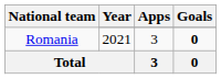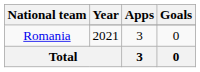 <table class="wikitable" style="text-align: center;">
 <tr>
 <th>National team</th>
 <th>Year</th>
 <th>Apps</th>
 <th>Goals</th>
 </tr>
 <tr>
 <td rowspan="2"><a href='#'>Romania</a></td>
 </tr>
 <tr>
 <td>2021</td>
 <td>3</td>
-<td><strong>0</strong></td>
+<td>0</td>
 </tr>
 <tr>
 <th colspan=2>Total</th>
 <th>3</th>
 <th>0</th>
 </tr>
 </table>
